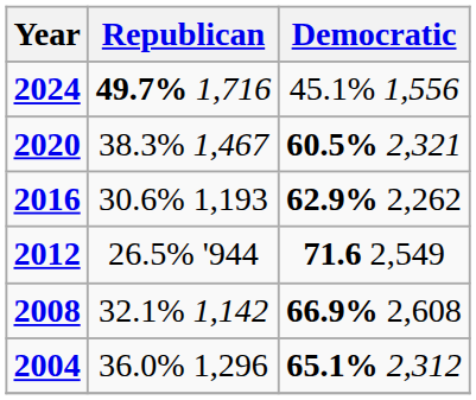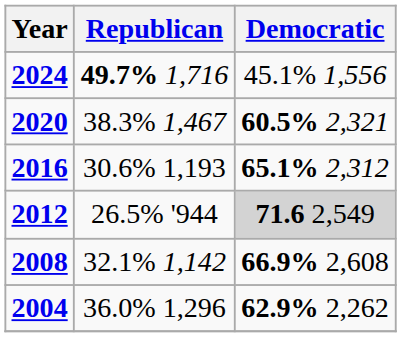 <table class="wikitable" style="float:right; margin: 1em 1em 1em 0; font-size: 95%;">
 <tr>
 <th>Year</th>
 <th><a href='#'>Republican</a></th>
 <th><a href='#'>Democratic</a></th>
 </tr>
 <tr>
 <td style="text-align:center; "><strong><a href='#'>2024</a></strong></td>
 <td style="text-align:center; "><strong>49.7%</strong> <em>1,716</em></td>
 <td style="text-align:center; ">45.1% <em>1,556</em></td>
 </tr>
 <tr>
 <td style="text-align:center; "><strong><a href='#'>2020</a></strong></td>
 <td style="text-align:center; ">38.3% <em>1,467</em></td>
 <td style="text-align:center; "><strong>60.5%</strong>  <em>2,321</em></td>
 </tr>
 <tr>
 <td style="text-align:center; "><strong><a href='#'>2016</a></strong></td>
 <td style="text-align:center; ">30.6% </em>1,193<em></td>
-<td style="text-align:center; "><strong>62.9%</strong> </em>2,262<em></td>
+<td style="text-align:center; "><strong>65.1%</strong>  <em>2,312</em></td>
 </tr>
 <tr>
 <td style="text-align:center; "><strong><a href='#'>2012</a></strong></td>
 <td style="text-align:center; ">26.5% '944<em></td>
-<td style="text-align:center; "><strong>71.6</strong>  </em>2,549<em></td>
+<td style="background: lightgrey; text-align:center; "><strong>71.6</strong>  </em>2,549<em></td>
 </tr>
 <tr>
 <td style="text-align:center; "><strong><a href='#'>2008</a></strong></td>
 <td style="text-align:center; ">32.1% <em>1,142</em></td>
 <td style="text-align:center; "><strong>66.9%</strong>  </em>2,608<em></td>
 </tr>
 <tr>
 <td style="text-align:center; "><strong><a href='#'>2004</a></strong></td>
 <td style="text-align:center; ">36.0% </em>1,296<em></td>
-<td style="text-align:center; "><strong>65.1%</strong>  <em>2,312</em></td>
+<td style="text-align:center; "><strong>62.9%</strong> </em>2,262<em></td>
 </tr>
 <tr>
 </tr>
 </table>
